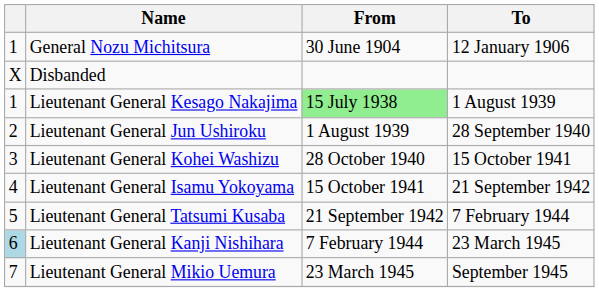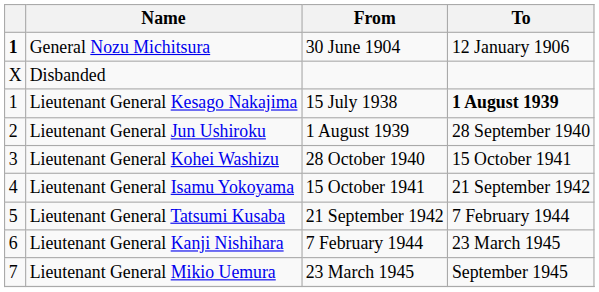 <table class=wikitable>
 <tr>
 <th></th>
 <th>Name</th>
 <th>From</th>
 <th>To</th>
 </tr>
 <tr>
-<td>1</td>
+<td><strong>1</strong></td>
 <td>General <a href='#'>Nozu Michitsura</a></td>
 <td>30 June 1904</td>
 <td>12 January 1906</td>
 </tr>
 <tr>
 <td>X</td>
 <td>Disbanded</td>
 <td></td>
 <td></td>
 </tr>
 <tr>
 <td>1</td>
 <td>Lieutenant General <a href='#'>Kesago Nakajima</a></td>
-<td style="background: lightgreen;">15 July 1938</td>
-<td>1 August 1939</td>
+<td>15 July 1938</td>
+<td><strong>1 August 1939</strong></td>
 </tr>
 <tr>
 <td>2</td>
 <td>Lieutenant General <a href='#'>Jun Ushiroku</a></td>
 <td>1 August 1939</td>
 <td>28 September 1940</td>
 </tr>
 <tr>
 <td>3</td>
 <td>Lieutenant General <a href='#'>Kohei Washizu</a></td>
 <td>28 October 1940</td>
 <td>15 October 1941</td>
 </tr>
 <tr>
 <td>4</td>
 <td>Lieutenant General <a href='#'>Isamu Yokoyama</a></td>
 <td>15 October 1941</td>
 <td>21 September 1942</td>
 </tr>
 <tr>
 <td>5</td>
 <td>Lieutenant General <a href='#'>Tatsumi Kusaba</a></td>
 <td>21 September 1942</td>
 <td>7 February 1944</td>
 </tr>
 <tr>
-<td style="background: lightblue;">6</td>
+<td>6</td>
 <td>Lieutenant General <a href='#'>Kanji Nishihara</a></td>
 <td>7 February 1944</td>
 <td>23 March 1945</td>
 </tr>
 <tr>
 <td>7</td>
 <td>Lieutenant General <a href='#'>Mikio Uemura</a></td>
 <td>23 March 1945</td>
 <td>September 1945</td>
 </tr>
 <tr>
 </tr>
 </table>
